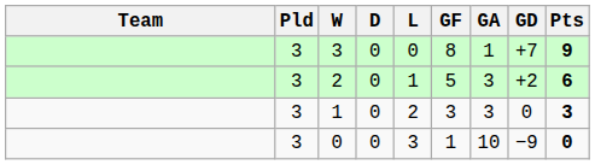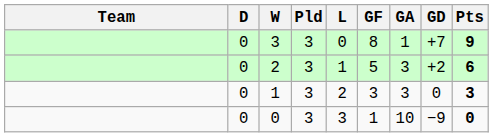 <table class="wikitable" style="text-align:center;">
 <tr>
 <th width=180>Team</th>
+<th width=20>D</th>
+<th width=20>W</th>
 <th width=20>Pld</th>
-<th width=20>W</th>
-<th width=20>D</th>
 <th width=20>L</th>
 <th width=20>GF</th>
 <th width=20>GA</th>
 <th width=20>GD</th>
 <th width=20>Pts</th>
 </tr>
 <tr bgcolor="#ccffcc">
 <td align="left"></td>
+<td>0</td>
 <td>3</td>
 <td>3</td>
-<td>0</td>
 <td>0</td>
 <td>8</td>
 <td>1</td>
 <td>+7</td>
 <td><strong>9</strong></td>
 </tr>
 <tr bgcolor="#ccffcc">
 <td align="left"></td>
+<td>0</td>
+<td>2</td>
 <td>3</td>
-<td>2</td>
-<td>0</td>
 <td>1</td>
 <td>5</td>
 <td>3</td>
 <td>+2</td>
 <td><strong>6</strong></td>
 </tr>
 <tr>
 <td align="left"></td>
+<td>0</td>
+<td>1</td>
 <td>3</td>
-<td>1</td>
-<td>0</td>
 <td>2</td>
 <td>3</td>
 <td>3</td>
 <td>0</td>
 <td><strong>3</strong></td>
 </tr>
 <tr>
 <td align="left"></td>
-<td>3</td>
 <td>0</td>
 <td>0</td>
+<td>3</td>
 <td>3</td>
 <td>1</td>
 <td>10</td>
 <td>−9</td>
 <td><strong>0</strong></td>
 </tr>
 </table>
